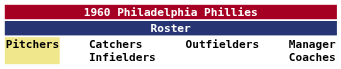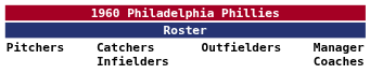 <table class="toccolours" style="font-size: 95%;">
 <tr>
 <th colspan="10" style="background-color: #A50024; color: white; text-align: center;">1960 Philadelphia Phillies</th>
 </tr>
 <tr>
 <td colspan="10" style="background-color: #263473; color: white; text-align: center;"><strong>Roster</strong></td>
 </tr>
 <tr>
-<td valign="top" style="background: khaki;"><strong>Pitchers</strong><br>               </td>
+<td valign="top"><strong>Pitchers</strong><br>               </td>
 <td width="25px"></td>
 <td valign="top"><strong>Catchers</strong><br>   <strong>Infielders</strong>            </td>
 <td width="25px"></td>
 <td valign="top"><strong>Outfielders</strong><br>        </td>
 <td width="25px"></td>
 <td valign="top"><strong>Manager</strong><br>   <strong>Coaches</strong>    </td>
 </tr>
 <tr>
 </tr>
 </table>
